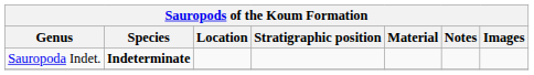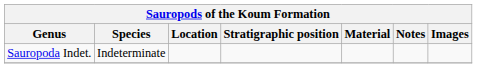 <table class="wikitable" align="center">
 <tr>
 <th colspan="7" align="center"><a href='#'>Sauropods</a> of the Koum Formation</th>
 </tr>
 <tr>
 <th>Genus</th>
 <th>Species</th>
 <th>Location</th>
 <th>Stratigraphic position</th>
 <th>Material</th>
 <th>Notes</th>
 <th>Images</th>
 </tr>
 <tr>
 <td><a href='#'>Sauropoda</a> Indet.</td>
-<td><strong>Indeterminate</strong></td>
+<td>Indeterminate</td>
 <td></td>
 <td></td>
 <td></td>
 <td></td>
 <td></td>
 </tr>
 <tr>
 </tr>
 </table>
